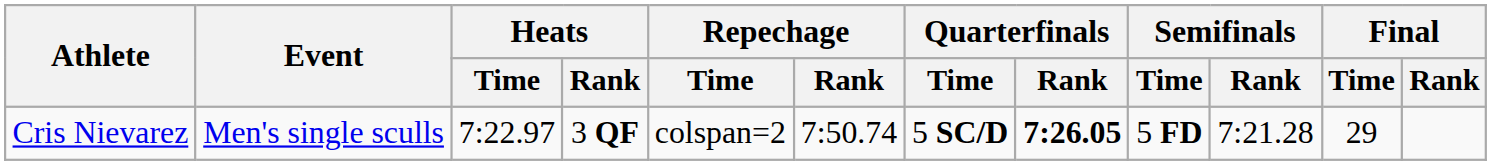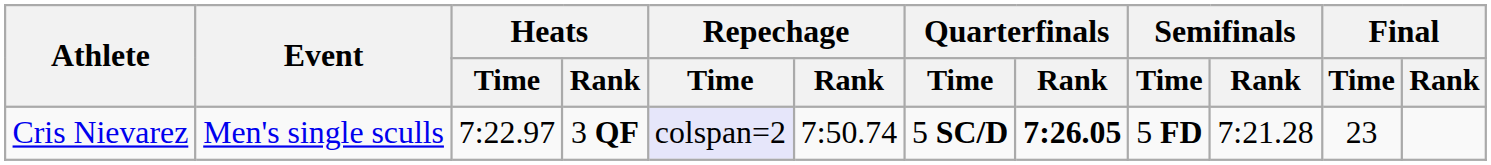 <table class="wikitable" style="font-size:90%">
 <tr>
 <th rowspan="2">Athlete</th>
 <th rowspan="2">Event</th>
 <th colspan="2">Heats</th>
 <th colspan="2">Repechage</th>
 <th colspan="2">Quarterfinals</th>
 <th colspan="2">Semifinals</th>
 <th colspan="2">Final</th>
 </tr>
 <tr style="font-size:95%">
 <th>Time</th>
 <th>Rank</th>
 <th>Time</th>
 <th>Rank</th>
 <th>Time</th>
 <th>Rank</th>
 <th>Time</th>
 <th>Rank</th>
 <th>Time</th>
 <th>Rank</th>
 </tr>
 <tr align=center>
 <td align=left><a href='#'>Cris Nievarez</a></td>
 <td align=left><a href='#'>Men's single sculls</a></td>
 <td>7:22.97</td>
 <td>3 <strong>QF</strong></td>
-<td>colspan=2 </td>
+<td style="background: lavender;">colspan=2 </td>
 <td>7:50.74</td>
 <td>5 <strong>SC/D</strong></td>
 <td><strong>7:26.05</strong></td>
 <td>5 <strong>FD</strong></td>
 <td>7:21.28</td>
-<td>29</td>
+<td>23</td>
 </tr>
 </table>
